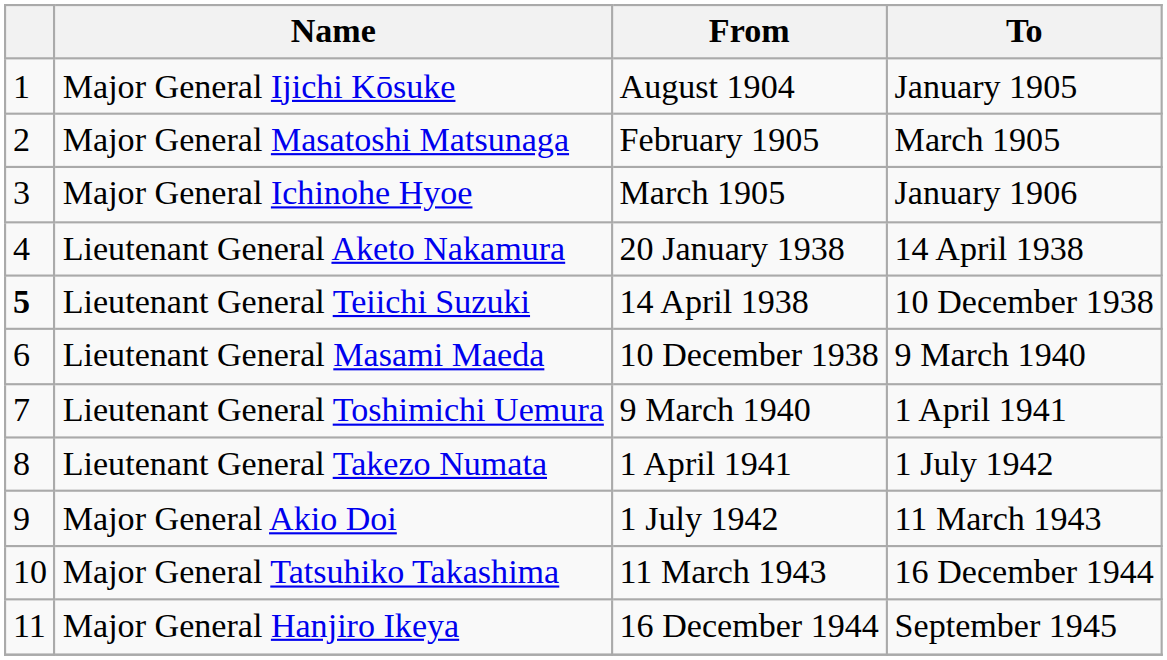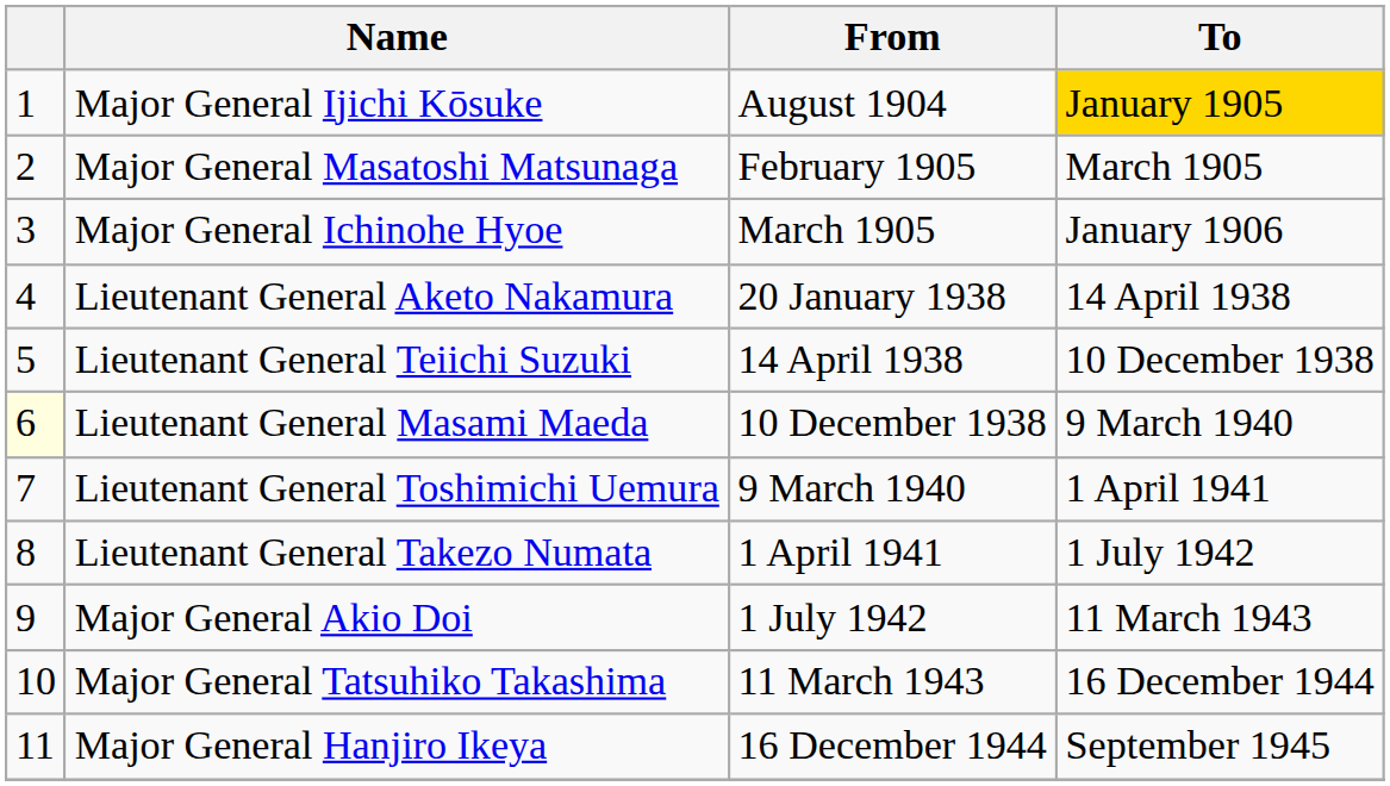 <table class=wikitable>
 <tr>
 <th></th>
 <th>Name</th>
 <th>From</th>
 <th>To</th>
 </tr>
 <tr>
 <td>1</td>
 <td>Major General <a href='#'>Ijichi Kōsuke</a></td>
 <td>August 1904</td>
-<td>January 1905</td>
+<td style="background: gold;">January 1905</td>
 </tr>
 <tr>
 <td>2</td>
 <td>Major General <a href='#'>Masatoshi Matsunaga</a></td>
 <td>February 1905</td>
 <td>March 1905</td>
 </tr>
 <tr>
 <td>3</td>
 <td>Major General <a href='#'>Ichinohe Hyoe</a></td>
 <td>March 1905</td>
 <td>January 1906</td>
 </tr>
 <tr>
 <td>4</td>
 <td>Lieutenant General <a href='#'>Aketo Nakamura</a></td>
 <td>20 January 1938</td>
 <td>14 April 1938</td>
 </tr>
 <tr>
-<td><strong>5</strong></td>
+<td>5</td>
 <td>Lieutenant General <a href='#'>Teiichi Suzuki</a></td>
 <td>14 April 1938</td>
 <td>10 December 1938</td>
 </tr>
 <tr>
-<td>6</td>
+<td style="background: lightyellow;">6</td>
 <td>Lieutenant General <a href='#'>Masami Maeda</a></td>
 <td>10 December 1938</td>
 <td>9 March 1940</td>
 </tr>
 <tr>
 <td>7</td>
 <td>Lieutenant General <a href='#'>Toshimichi Uemura</a></td>
 <td>9 March 1940</td>
 <td>1 April 1941</td>
 </tr>
 <tr>
 <td>8</td>
 <td>Lieutenant General <a href='#'>Takezo Numata</a></td>
 <td>1 April 1941</td>
 <td>1 July 1942</td>
 </tr>
 <tr>
 <td>9</td>
 <td>Major General <a href='#'>Akio Doi</a></td>
 <td>1 July 1942</td>
 <td>11 March 1943</td>
 </tr>
 <tr>
 <td>10</td>
 <td>Major General <a href='#'>Tatsuhiko Takashima</a></td>
 <td>11 March 1943</td>
 <td>16 December 1944</td>
 </tr>
 <tr>
 <td>11</td>
 <td>Major General <a href='#'>Hanjiro Ikeya</a></td>
 <td>16 December 1944</td>
 <td>September 1945</td>
 </tr>
 <tr>
 </tr>
 </table>
